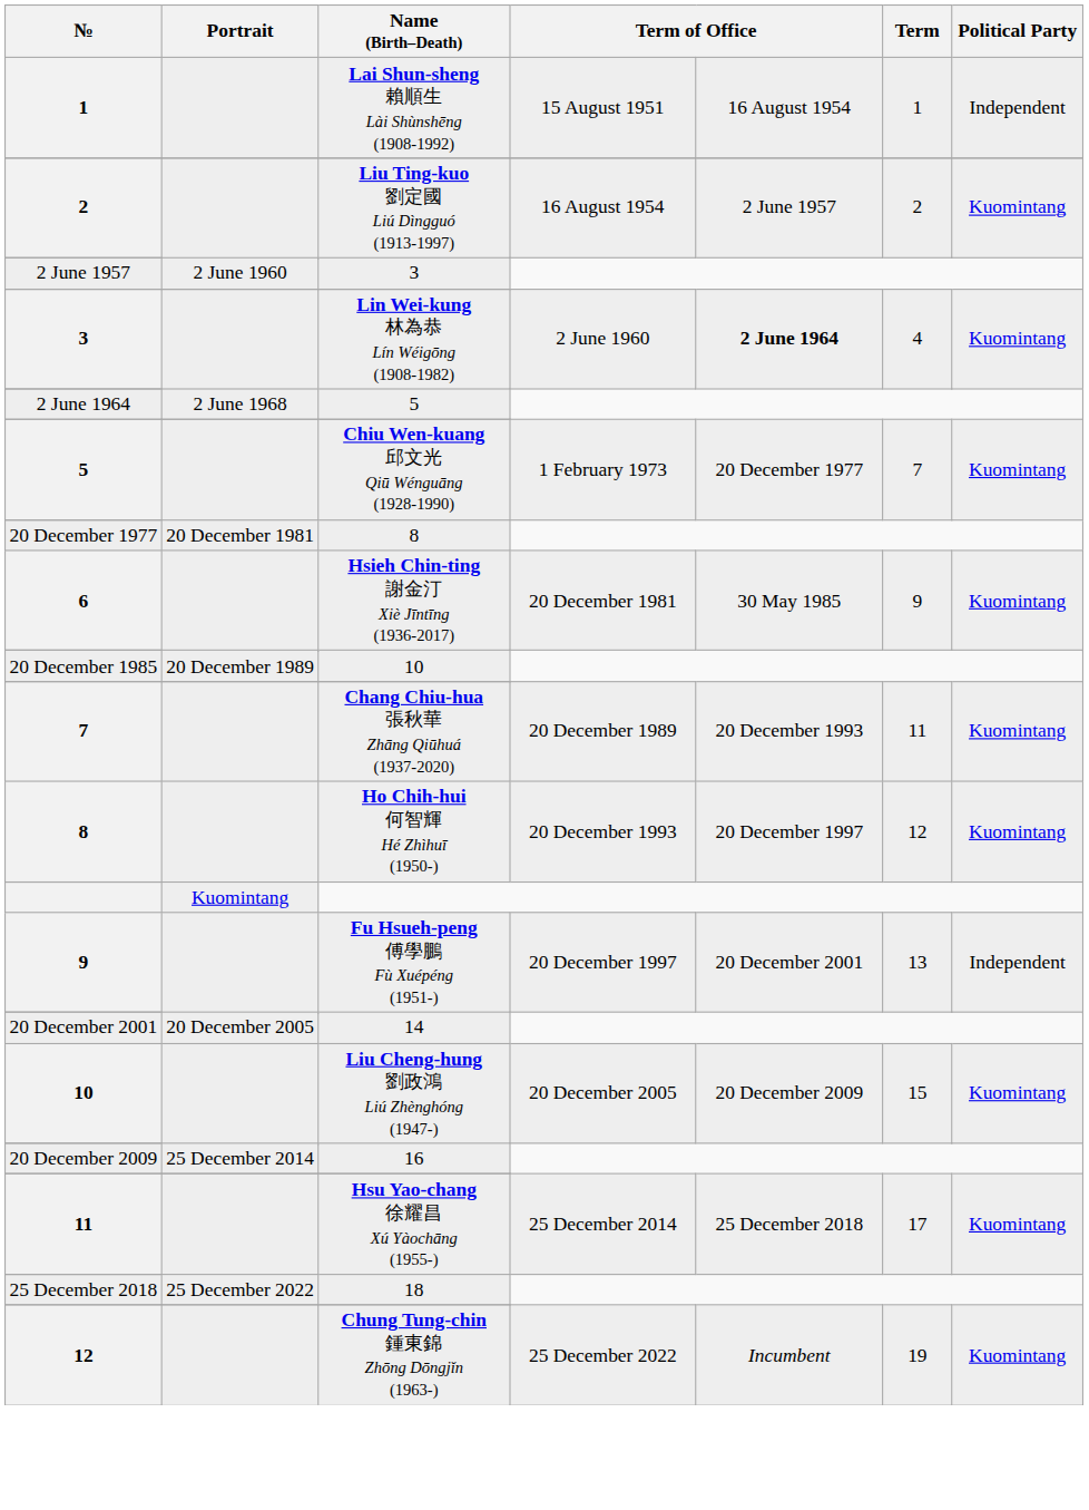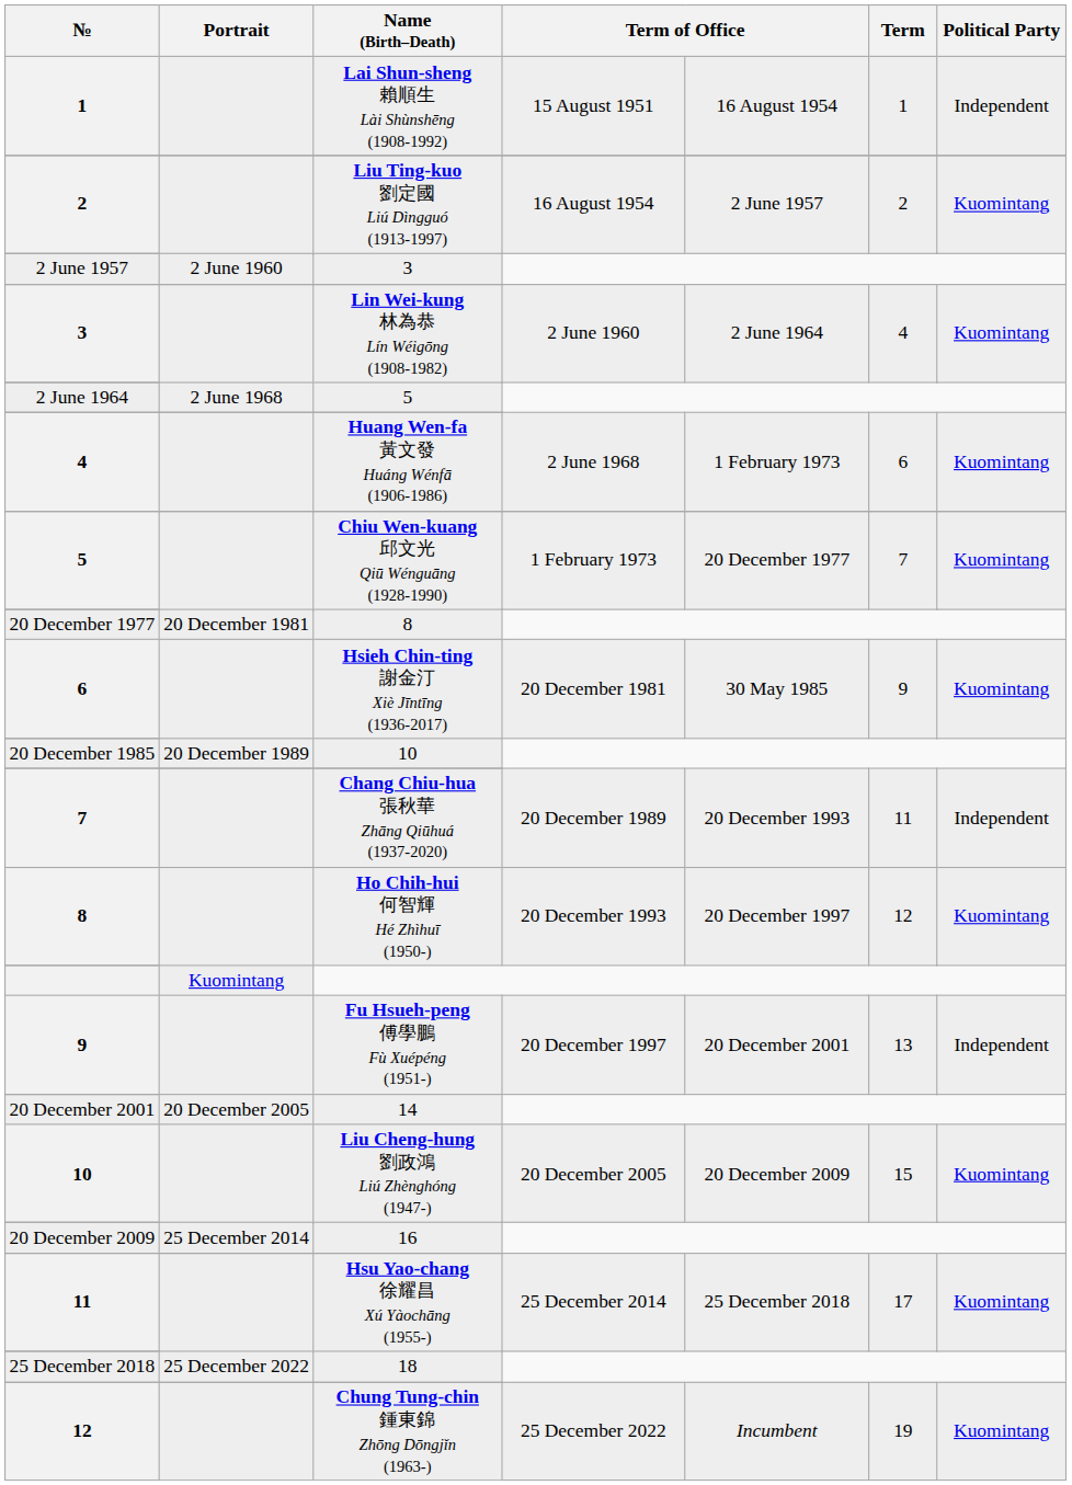 <table class="wikitable" style="text-align:center">
 <tr ->
 <th>№</th>
 <th>Portrait</th>
 <th width="150">Name<br><small>(Birth–Death)</small></th>
 <th colspan=2 width="300">Term of Office</th>
 <th width="50">Term</th>
 <th width = "100">Political Party</th>
 </tr>
 <tr - bgcolor=#EEEEEE>
 <th style="background:">1</th>
 <td></td>
 <td><strong><a href='#'>Lai Shun-sheng</a></strong><br><span>賴順生 </span><br><small><em>Lài Shùnshēng </em><br>(1908-1992)</small></td>
 <td>15 August 1951</td>
 <td>16 August 1954</td>
 <td>1</td>
 <td>Independent</td>
 </tr>
 <tr ->
 </tr>
 <tr - bgcolor=#EEEEEE>
 <th style="background:">2</th>
 <td rowspan=2></td>
 <td rowspan=2><strong><a href='#'>Liu Ting-kuo</a></strong><br><span>劉定國 </span><br><small><em>Liú Dìngguó </em><br>(1913-1997)</small></td>
 <td>16 August 1954</td>
 <td>2 June 1957</td>
 <td>2</td>
 <td rowspan=2><a href='#'>Kuomintang</a></td>
 </tr>
 <tr ->
 </tr>
 <tr - bgcolor=#EEEEEE>
 <td>2 June 1957</td>
 <td>2 June 1960</td>
 <td>3</td>
 </tr>
 <tr ->
 </tr>
 <tr - bgcolor=#EEEEEE>
 <th style="background:">3</th>
 <td rowspan=2></td>
 <td rowspan=2><strong><a href='#'>Lin Wei-kung</a></strong><br><span>林為恭 </span><br><small><em>Lín Wéigōng </em><br>(1908-1982)</small></td>
 <td>2 June 1960</td>
-<td><strong>2 June 1964</strong></td>
+<td>2 June 1964</td>
 <td>4</td>
 <td rowspan=2><a href='#'>Kuomintang</a></td>
 </tr>
 <tr ->
 </tr>
 <tr - bgcolor=#EEEEEE>
 <td>2 June 1964</td>
 <td>2 June 1968</td>
 <td>5</td>
 </tr>
 <tr ->
+</tr>
+<tr - bgcolor=#EEEEEE>
+<th style="background:">4</th>
+<td></td>
+<td><strong><a href='#'>Huang Wen-fa</a></strong><br><span>黃文發 </span><br><small><em>Huáng Wénfā </em><br>(1906-1986)</small></td>
+<td>2 June 1968</td>
+<td>1 February 1973</td>
+<td>6</td>
+<td><a href='#'>Kuomintang</a></td>
 </tr>
 <tr ->
 </tr>
 <tr - bgcolor=#EEEEEE>
 <th style="background:">5</th>
 <td rowspan=2></td>
 <td rowspan=2><strong><a href='#'>Chiu Wen-kuang</a></strong><br><span>邱文光 </span><br><small><em>Qiū Wénguāng </em><br>(1928-1990)</small></td>
 <td>1 February 1973</td>
 <td>20 December 1977</td>
 <td>7</td>
 <td rowspan=2><a href='#'>Kuomintang</a></td>
 </tr>
 <tr ->
 </tr>
 <tr - bgcolor=#EEEEEE>
 <td>20 December 1977</td>
 <td>20 December 1981</td>
 <td>8</td>
 </tr>
 <tr - bgcolor=#EEEEEE>
 <th style="background:">6</th>
 <td rowspan=2></td>
 <td rowspan=2><strong><a href='#'>Hsieh Chin-ting</a></strong><br><span>謝金汀 </span><br><small><em>Xiè Jīntīng </em><br>(1936-2017)</small></td>
 <td>20 December 1981</td>
 <td>30 May 1985</td>
 <td>9</td>
 <td rowspan=2><a href='#'>Kuomintang</a></td>
 </tr>
 <tr ->
 </tr>
 <tr - bgcolor=#EEEEEE>
 <td>20 December 1985</td>
 <td>20 December 1989</td>
 <td>10</td>
 </tr>
 <tr ->
 </tr>
 <tr - bgcolor=#EEEEEE>
 <th style="background:">7</th>
 <td></td>
 <td><strong><a href='#'>Chang Chiu-hua</a></strong><br><span>張秋華 </span><br><small><em>Zhāng Qiūhuá </em><br>(1937-2020)</small></td>
 <td>20 December 1989</td>
 <td>20 December 1993</td>
 <td>11</td>
-<td><a href='#'>Kuomintang</a></td>
+<td>Independent</td>
 </tr>
 <tr - bgcolor=#EEEEEE>
 <th style="background:">8</th>
 <td rowspan=2></td>
 <td rowspan=2><strong><a href='#'>Ho Chih-hui</a></strong><br><span>何智輝 </span><br><small><em>Hé Zhìhuī </em><br>(1950-)</small></td>
 <td rowspan=2>20 December 1993</td>
 <td rowspan=2>20 December 1997</td>
 <td rowspan=2>12</td>
 <td><a href='#'>Kuomintang</a></td>
 </tr>
 <tr ->
 </tr>
 <tr - bgcolor=#EEEEEE>
 <th style="background:"></th>
 <td><a href='#'>Kuomintang</a></td>
 </tr>
 <tr - bgcolor=#EEEEEE>
 <th style="background:">9</th>
 <td rowspan=2></td>
 <td rowspan=2><strong><a href='#'>Fu Hsueh-peng</a></strong><br><span>傅學鵬 </span><br><small><em>Fù Xuépéng </em><br>(1951-)</small></td>
 <td>20 December 1997</td>
 <td>20 December 2001</td>
 <td>13</td>
 <td rowspan=2>Independent</td>
 </tr>
 <tr ->
 </tr>
 <tr - bgcolor=#EEEEEE>
 <td>20 December 2001</td>
 <td>20 December 2005</td>
 <td>14</td>
 </tr>
 <tr - bgcolor=#EEEEEE>
 <th style="background:">10</th>
 <td rowspan=2></td>
 <td rowspan=2><strong><a href='#'>Liu Cheng-hung</a></strong><br><span>劉政鴻 </span><br><small><em>Liú Zhènghóng</em><br>(1947-)</small></td>
 <td>20 December 2005</td>
 <td>20 December 2009</td>
 <td>15</td>
 <td rowspan=2><a href='#'>Kuomintang</a></td>
 </tr>
 <tr ->
 </tr>
 <tr - bgcolor=#EEEEEE>
 <td>20 December 2009</td>
 <td>25 December 2014</td>
 <td>16</td>
 </tr>
 <tr ->
 </tr>
 <tr - bgcolor=#EEEEEE>
 <th style="background:">11</th>
 <td rowspan=2></td>
 <td rowspan=2><strong><a href='#'>Hsu Yao-chang </a></strong><br><span>徐耀昌 </span><br><small><em>Xú Yàochāng</em><br>(1955-)</small></td>
 <td>25 December 2014</td>
 <td>25 December 2018</td>
 <td>17</td>
 <td rowspan=2><a href='#'>Kuomintang</a></td>
 </tr>
 <tr>
 </tr>
 <tr - bgcolor=#EEEEEE>
 <td>25 December 2018</td>
 <td>25 December 2022</td>
 <td>18</td>
 </tr>
 <tr>
 </tr>
 <tr - bgcolor=#EEEEEE>
 <th style="background:">12</th>
 <td rowspan=2></td>
 <td rowspan=2><strong><a href='#'>Chung Tung-chin</a></strong><br><span>鍾東錦 </span><br><small><em>Zhōng Dōngjǐn</em><br>(1963-)</small></td>
 <td>25 December 2022</td>
 <td><em>Incumbent</em></td>
 <td>19</td>
 <td><a href='#'>Kuomintang</a></td>
 </tr>
 <tr>
 </tr>
 </table>
